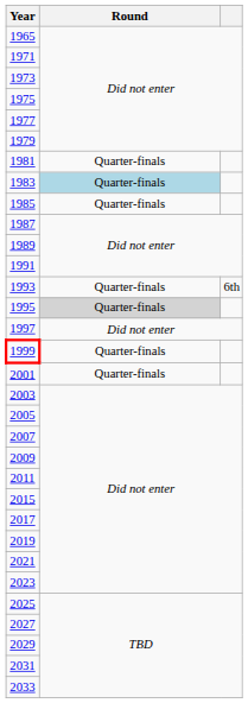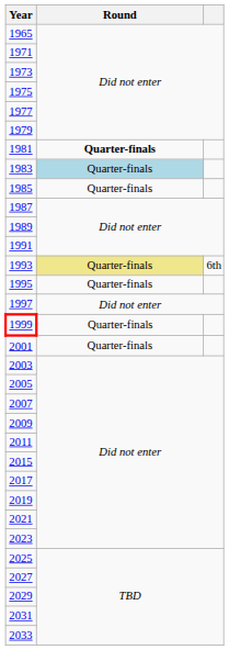 <table class="wikitable" style="text-align: center; font-size:90%">
 <tr>
 <th>Year</th>
 <th style="width:200px">Round</th>
 <th></th>
 </tr>
 <tr>
 <td><a href='#'>1965</a></td>
 <td colspan="2" rowspan="6"><em>Did not enter</em></td>
 </tr>
 <tr>
 <td><a href='#'>1971</a></td>
 </tr>
 <tr>
 <td><a href='#'>1973</a></td>
 </tr>
 <tr>
 <td><a href='#'>1975</a></td>
 </tr>
 <tr>
 <td><a href='#'>1977</a></td>
 </tr>
 <tr>
 <td><a href='#'>1979</a></td>
 </tr>
 <tr>
 <td><a href='#'>1981</a></td>
-<td>Quarter-finals</td>
+<td><strong>Quarter-finals</strong></td>
 <td></td>
 </tr>
 <tr>
 <td><a href='#'>1983</a></td>
 <td style="background: lightblue;">Quarter-finals</td>
 <td></td>
 </tr>
 <tr>
 <td><a href='#'>1985</a></td>
 <td>Quarter-finals</td>
 <td></td>
 </tr>
 <tr>
 <td><a href='#'>1987</a></td>
 <td colspan="2" rowspan="3"><em>Did not enter</em></td>
 </tr>
 <tr>
 <td><a href='#'>1989</a></td>
 </tr>
 <tr>
 <td><a href='#'>1991</a></td>
 </tr>
 <tr>
 <td><a href='#'>1993</a></td>
-<td>Quarter-finals</td>
+<td style="background: khaki;">Quarter-finals</td>
 <td>6th</td>
 </tr>
 <tr>
 <td><a href='#'>1995</a></td>
-<td style="background: lightgrey;">Quarter-finals</td>
+<td>Quarter-finals</td>
 <td></td>
 </tr>
 <tr>
 <td><a href='#'>1997</a></td>
 <td colspan="2"><em>Did not enter</em></td>
 </tr>
 <tr>
 <td style="border: 3px solid red"><a href='#'>1999</a></td>
 <td>Quarter-finals</td>
 <td></td>
 </tr>
 <tr>
 <td><a href='#'>2001</a></td>
 <td>Quarter-finals</td>
 <td></td>
 </tr>
 <tr>
 <td><a href='#'>2003</a></td>
 <td colspan="2" rowspan="10"><em>Did not enter</em></td>
 </tr>
 <tr>
 <td><a href='#'>2005</a></td>
 </tr>
 <tr>
 <td><a href='#'>2007</a></td>
 </tr>
 <tr>
 <td><a href='#'>2009</a></td>
 </tr>
 <tr>
 <td><a href='#'>2011</a></td>
 </tr>
 <tr>
 <td><a href='#'>2015</a></td>
 </tr>
 <tr>
 <td><a href='#'>2017</a></td>
 </tr>
 <tr>
 <td><a href='#'>2019</a></td>
 </tr>
 <tr>
 <td><a href='#'>2021</a></td>
 </tr>
 <tr>
 <td><a href='#'>2023</a></td>
 </tr>
 <tr>
 <td><a href='#'>2025</a></td>
 <td colspan="2" rowspan="5"><em>TBD</em></td>
 </tr>
 <tr>
 <td><a href='#'>2027</a></td>
 </tr>
 <tr>
 <td><a href='#'>2029</a></td>
 </tr>
 <tr>
 <td><a href='#'>2031</a></td>
 </tr>
 <tr>
 <td><a href='#'>2033</a></td>
 </tr>
 </table>
